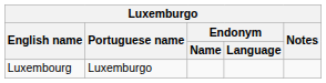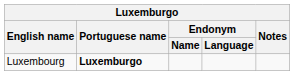 <table class="wikitable sortable">
 <tr>
 <th colspan="5"> Luxemburgo</th>
 </tr>
 <tr>
 <th rowspan="2">English name</th>
 <th rowspan="2">Portuguese name</th>
 <th colspan="2">Endonym</th>
 <th rowspan="2">Notes</th>
 </tr>
 <tr>
 <th>Name</th>
 <th>Language</th>
 </tr>
 <tr>
 <td>Luxembourg</td>
-<td>Luxemburgo</td>
+<td><strong>Luxemburgo</strong></td>
 <td></td>
 <td></td>
 <td></td>
 </tr>
 </table>
